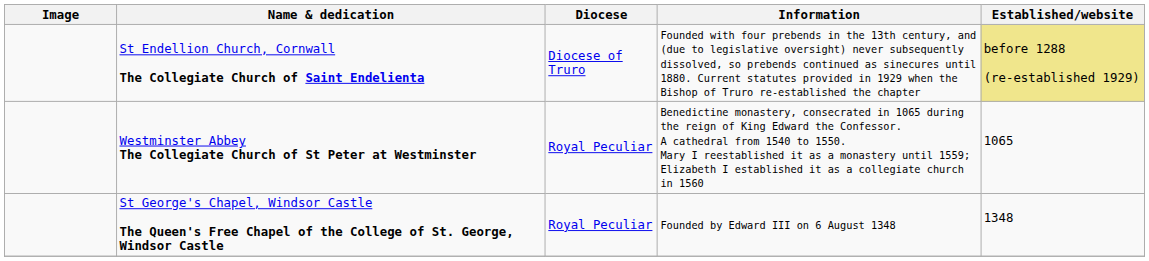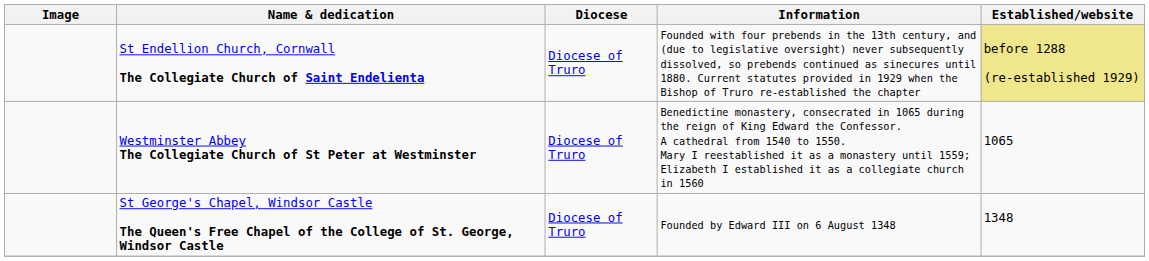 <table class="wikitable" width="95%">
 <tr>
 <th width="100px">Image</th>
 <th width="400px">Name & dedication</th>
 <th width="100px">Diocese</th>
 <th width="300px">Information</th>
 <th width="100px">Established/website</th>
 </tr>
 <tr>
 <td align="center"></td>
 <td><a href='#'>St Endellion Church, Cornwall</a><br><br><strong>The Collegiate Church of <a href='#'>Saint Endelienta</a></strong></td>
 <td><a href='#'>Diocese of Truro</a></td>
 <td><small>Founded with four prebends in the 13th century, and (due to legislative oversight) never subsequently dissolved, so prebends continued as sinecures until 1880.  Current statutes provided in 1929 when the Bishop of Truro re-established the chapter</small></td>
 <td style="background: khaki;">before 1288<br><br>(re-established 1929)<br></td>
 </tr>
 <tr>
 <td align="center"></td>
 <td><a href='#'>Westminster Abbey</a><br><strong>The Collegiate Church of St Peter at Westminster</strong></td>
-<td><a href='#'>Royal Peculiar</a></td>
+<td><a href='#'>Diocese of Truro</a></td>
 <td><small>Benedictine monastery, consecrated in 1065 during the reign of King Edward the Confessor.<br>A cathedral from 1540 to 1550.<br>Mary I reestablished it as a monastery until 1559; Elizabeth I established it as a collegiate church in 1560</small></td>
 <td>1065<br><br></td>
 </tr>
 <tr>
 <td align="center"></td>
 <td><a href='#'>St George's Chapel, Windsor Castle</a><br><br><strong>The Queen's Free Chapel of the College of St. George, Windsor Castle</strong> <br></td>
-<td><a href='#'>Royal Peculiar</a></td>
+<td><a href='#'>Diocese of Truro</a></td>
 <td><small>Founded by Edward III on 6 August 1348</small></td>
 <td>1348<br><br></td>
 </tr>
 <tr>
 </tr>
 </table>
